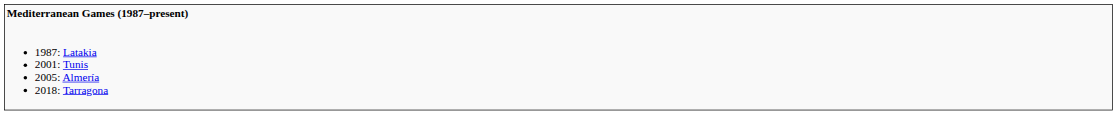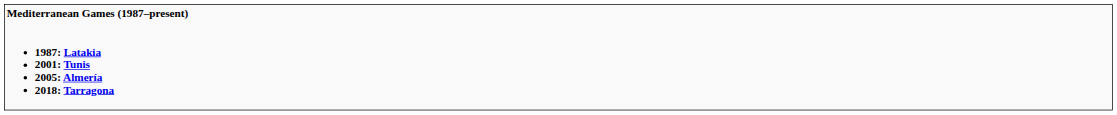 <table class="collapsible collapsed" style="width:100%; border:1px solid black; background:#f9f9f9;">
 <tr>
 <th align="left">Mediterranean Games (1987–present)</th>
 </tr>
 <tr>
-<td><br><ul><li>1987: <a href='#'>Latakia</a></li><li>2001: <a href='#'>Tunis</a></li><li>2005: <a href='#'>Almería</a></li><li>2018: <a href='#'>Tarragona</a></li></ul></td>
+<td><strong><br><ul><li>1987: <a href='#'>Latakia</a></li><li>2001: <a href='#'>Tunis</a></li><li>2005: <a href='#'>Almería</a></li><li>2018: <a href='#'>Tarragona</a></li></ul></strong></td>
 </tr>
 </table>
